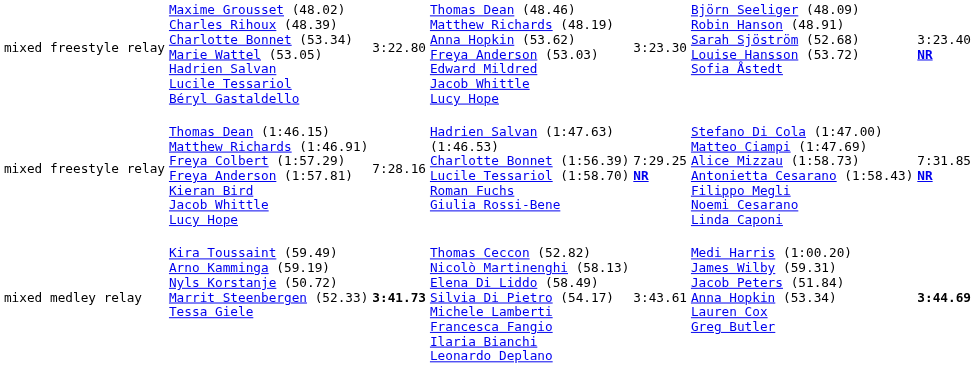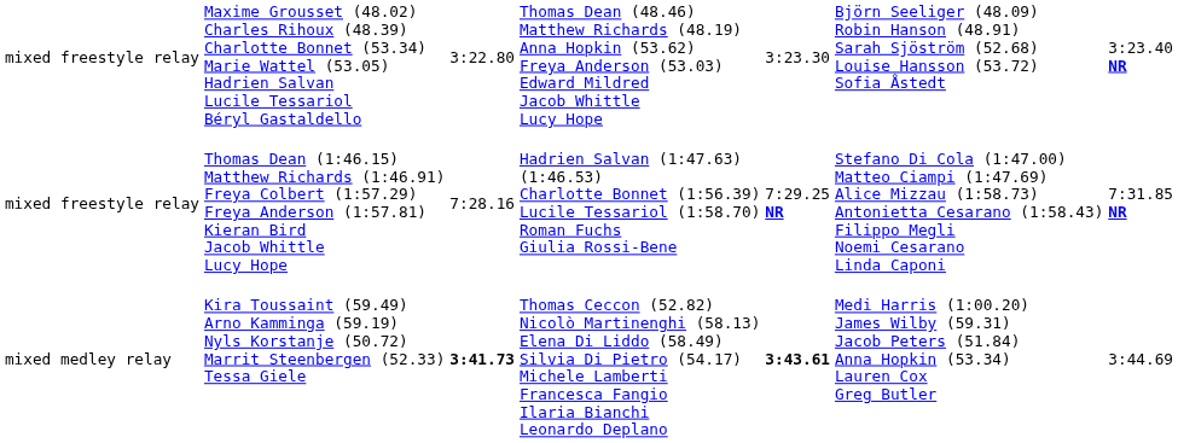 <table>
 <tr>
 <td> mixed freestyle relay<br></td>
 <td valign=top><br><a href='#'>Maxime Grousset</a> (48.02)<br><a href='#'>Charles Rihoux</a> (48.39)<br><a href='#'>Charlotte Bonnet</a> (53.34)<br><a href='#'>Marie Wattel</a> (53.05)<br><a href='#'>Hadrien Salvan</a><br><a href='#'>Lucile Tessariol</a><br><a href='#'>Béryl Gastaldello</a></td>
 <td>3:22.80</td>
 <td valign=top><br><a href='#'>Thomas Dean</a> (48.46)<br><a href='#'>Matthew Richards</a> (48.19)<br><a href='#'>Anna Hopkin</a> (53.62)<br><a href='#'>Freya Anderson</a> (53.03)<br><a href='#'>Edward Mildred</a><br><a href='#'>Jacob Whittle</a><br><a href='#'>Lucy Hope</a></td>
 <td>3:23.30</td>
 <td valign=top><br><a href='#'>Björn Seeliger</a> (48.09)<br><a href='#'>Robin Hanson</a> (48.91)<br><a href='#'>Sarah Sjöström</a> (52.68)<br><a href='#'>Louise Hansson</a> (53.72)<br><a href='#'>Sofia Åstedt</a></td>
 <td>3:23.40<br><strong><a href='#'>NR</a></strong></td>
 </tr>
 <tr>
 <td> mixed freestyle relay<br></td>
 <td valign=top><br><a href='#'>Thomas Dean</a> (1:46.15)<br><a href='#'>Matthew Richards</a> (1:46.91)<br><a href='#'>Freya Colbert</a> (1:57.29)<br><a href='#'>Freya Anderson</a> (1:57.81)<br><a href='#'>Kieran Bird</a><br><a href='#'>Jacob Whittle</a><br><a href='#'>Lucy Hope</a></td>
 <td>7:28.16</td>
 <td valign=top><br><a href='#'>Hadrien Salvan</a> (1:47.63)<br> (1:46.53)<br><a href='#'>Charlotte Bonnet</a> (1:56.39)<br><a href='#'>Lucile Tessariol</a> (1:58.70)<br><a href='#'>Roman Fuchs</a><br><a href='#'>Giulia Rossi-Bene</a></td>
 <td>7:29.25<br><strong><a href='#'>NR</a></strong></td>
 <td valign=top><br><a href='#'>Stefano Di Cola</a> (1:47.00)<br><a href='#'>Matteo Ciampi</a> (1:47.69)<br><a href='#'>Alice Mizzau</a> (1:58.73)<br><a href='#'>Antonietta Cesarano</a> (1:58.43)<br><a href='#'>Filippo Megli</a><br><a href='#'>Noemi Cesarano</a><br><a href='#'>Linda Caponi</a></td>
 <td>7:31.85<br><strong><a href='#'>NR</a></strong></td>
 </tr>
 <tr>
 <td> mixed medley relay<br></td>
 <td valign=top><br><a href='#'>Kira Toussaint</a> (59.49)<br><a href='#'>Arno Kamminga</a> (59.19)<br><a href='#'>Nyls Korstanje</a> (50.72)<br><a href='#'>Marrit Steenbergen</a> (52.33)<br><a href='#'>Tessa Giele</a></td>
 <td><strong>3:41.73</strong></td>
 <td valign=top><br><a href='#'>Thomas Ceccon</a> (52.82)<br><a href='#'>Nicolò Martinenghi</a> (58.13)<br><a href='#'>Elena Di Liddo</a> (58.49)<br><a href='#'>Silvia Di Pietro</a> (54.17)<br><a href='#'>Michele Lamberti</a><br><a href='#'>Francesca Fangio</a><br><a href='#'>Ilaria Bianchi</a><br><a href='#'>Leonardo Deplano</a></td>
-<td>3:43.61</td>
+<td><strong>3:43.61</strong></td>
 <td valign=top><br><a href='#'>Medi Harris</a> (1:00.20)<br><a href='#'>James Wilby</a> (59.31)<br><a href='#'>Jacob Peters</a> (51.84)<br><a href='#'>Anna Hopkin</a> (53.34)<br><a href='#'>Lauren Cox</a><br><a href='#'>Greg Butler</a></td>
-<td><strong>3:44.69</strong></td>
+<td>3:44.69</td>
 </tr>
 </table>
